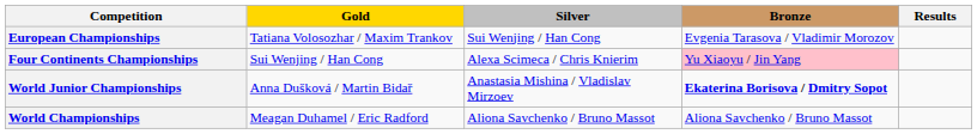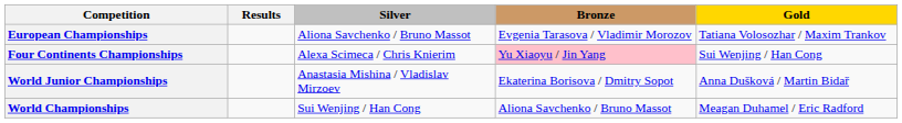 <table class="wikitable unsortable" style="text-align:left; width:90%">
 <tr>
 <th scope="col" style="text-align:center; width:25%;">Competition</th>
-<td scope="col" style="text-align:center; width:22.5%; background:gold"><strong>Gold</strong></td>
+<th scope="col" style="text-align:center; width:7.5%;">Results</th>
 <td scope="col" style="text-align:center; width:22.5%; background:silver"><strong>Silver</strong></td>
 <td scope="col" style="text-align:center; width:22.5%; background:#c96"><strong>Bronze</strong></td>
-<th scope="col" style="text-align:center; width:7.5%;">Results</th>
+<td scope="col" style="text-align:center; width:22.5%; background:gold"><strong>Gold</strong></td>
 </tr>
 <tr>
 <th scope="row" style="text-align:left"> <a href='#'>European Championships</a></th>
+<td></td>
+<td> <a href='#'>Aliona Savchenko</a> / <a href='#'>Bruno Massot</a></td>
+<td> <a href='#'>Evgenia Tarasova</a> / <a href='#'>Vladimir Morozov</a></td>
 <td> <a href='#'>Tatiana Volosozhar</a> / <a href='#'>Maxim Trankov</a></td>
-<td> <a href='#'>Sui Wenjing</a> / <a href='#'>Han Cong</a></td>
-<td> <a href='#'>Evgenia Tarasova</a> / <a href='#'>Vladimir Morozov</a></td>
-<td></td>
 </tr>
 <tr>
 <th scope="row" style="text-align:left"> <a href='#'>Four Continents Championships</a></th>
-<td> <a href='#'>Sui Wenjing</a> / <a href='#'>Han Cong</a></td>
+<td></td>
 <td> <a href='#'>Alexa Scimeca</a> / <a href='#'>Chris Knierim</a></td>
 <td style="background: pink;"> <a href='#'>Yu Xiaoyu</a> / <a href='#'>Jin Yang</a></td>
-<td></td>
+<td> <a href='#'>Sui Wenjing</a> / <a href='#'>Han Cong</a></td>
 </tr>
 <tr>
 <th scope="row" style="text-align:left"> <a href='#'>World Junior Championships</a></th>
+<td></td>
+<td> <a href='#'>Anastasia Mishina</a> / <a href='#'>Vladislav Mirzoev</a></td>
+<td> <a href='#'>Ekaterina Borisova</a> / <a href='#'>Dmitry Sopot</a></td>
 <td> <a href='#'>Anna Dušková</a> / <a href='#'>Martin Bidař</a></td>
-<td> <a href='#'>Anastasia Mishina</a> / <a href='#'>Vladislav Mirzoev</a></td>
-<td><strong> <a href='#'>Ekaterina Borisova</a> / <a href='#'>Dmitry Sopot</a></strong></td>
-<td></td>
 </tr>
 <tr>
 <th scope="row" style="text-align:left"> <a href='#'>World Championships</a></th>
+<td></td>
+<td> <a href='#'>Sui Wenjing</a> / <a href='#'>Han Cong</a></td>
+<td> <a href='#'>Aliona Savchenko</a> / <a href='#'>Bruno Massot</a></td>
 <td> <a href='#'>Meagan Duhamel</a> / <a href='#'>Eric Radford</a></td>
-<td> <a href='#'>Aliona Savchenko</a> / <a href='#'>Bruno Massot</a></td>
-<td> <a href='#'>Aliona Savchenko</a> / <a href='#'>Bruno Massot</a></td>
-<td></td>
 </tr>
 </table>
